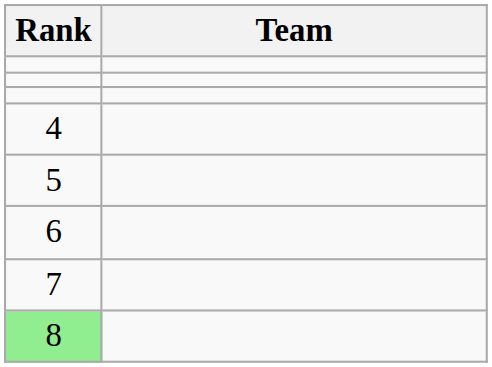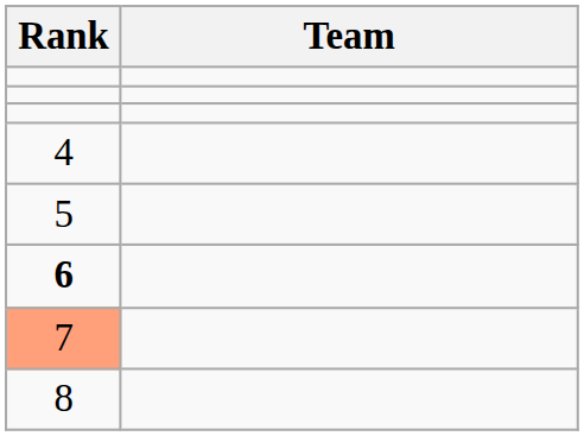 <table class="wikitable" style="text-align: center;">
 <tr>
 <th width=40>Rank</th>
 <th width=180>Team</th>
 </tr>
 <tr align=center>
 <td></td>
 <td style="text-align:left;"></td>
 </tr>
 <tr align=center>
 <td></td>
 <td style="text-align:left;"></td>
 </tr>
 <tr align=center>
 <td></td>
 <td style="text-align:left;"></td>
 </tr>
 <tr align=center>
 <td>4</td>
 <td style="text-align:left;"></td>
 </tr>
 <tr align=center>
 <td>5</td>
 <td style="text-align:left;"></td>
 </tr>
 <tr align=center>
-<td>6</td>
+<td><strong>6</strong></td>
 <td style="text-align:left;"></td>
 </tr>
 <tr align=center>
-<td>7</td>
+<td style="background: lightsalmon;">7</td>
 <td style="text-align:left;"></td>
 </tr>
 <tr align=center>
-<td style="background: lightgreen;">8</td>
+<td>8</td>
 <td style="text-align:left;"></td>
 </tr>
 </table>
